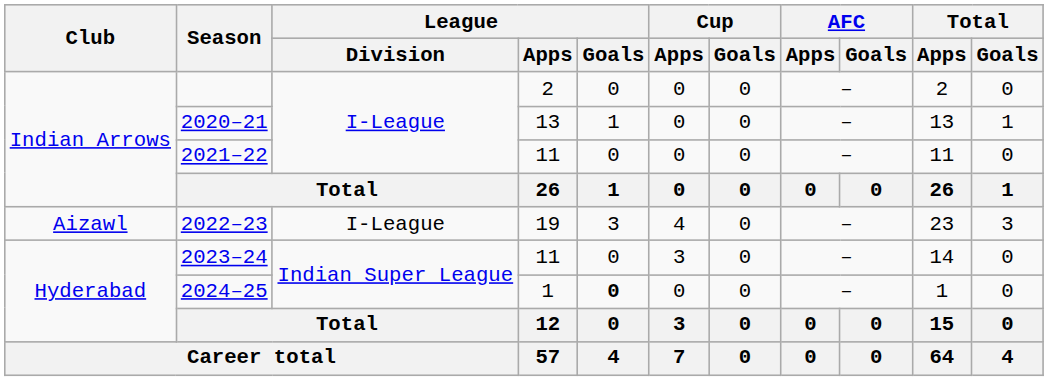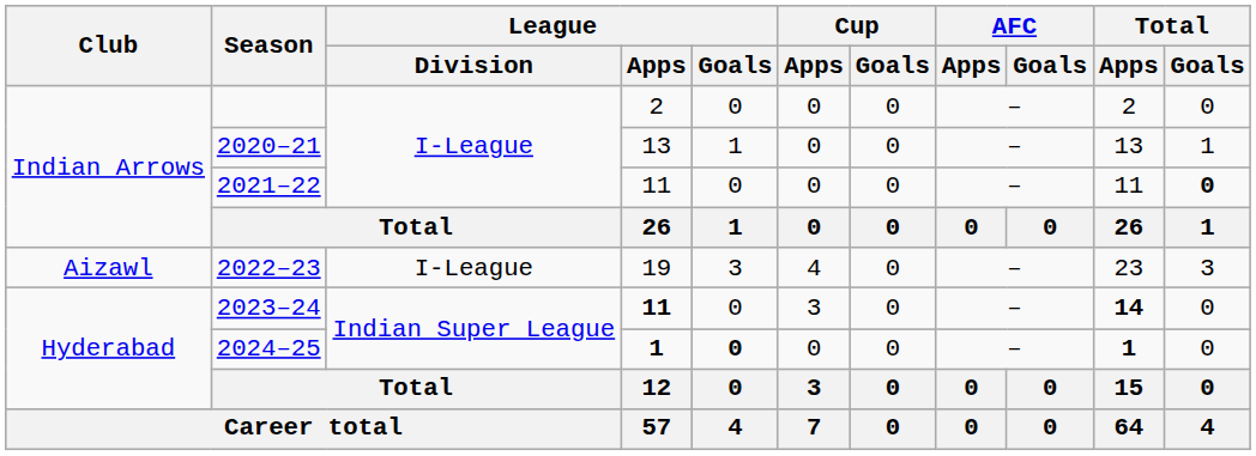 <table class=wikitable style=text-align:center>
 <tr>
 <th rowspan="2">Club</th>
 <th rowspan="2">Season</th>
 <th colspan="3">League</th>
 <th colspan="2">Cup</th>
 <th colspan="2"><a href='#'>AFC</a></th>
 <th colspan="2">Total</th>
 </tr>
 <tr>
 <th>Division</th>
 <th>Apps</th>
 <th>Goals</th>
 <th>Apps</th>
 <th>Goals</th>
 <th>Apps</th>
 <th>Goals</th>
 <th>Apps</th>
 <th>Goals</th>
 </tr>
 <tr>
 <td rowspan="4"><a href='#'>Indian Arrows</a></td>
 <td></td>
 <td rowspan="3"><a href='#'>I-League</a></td>
 <td>2</td>
 <td>0</td>
 <td>0</td>
 <td>0</td>
 <td colspan="2">–</td>
 <td>2</td>
 <td>0</td>
 </tr>
 <tr>
 <td><a href='#'>2020–21</a></td>
 <td>13</td>
 <td>1</td>
 <td>0</td>
 <td>0</td>
 <td colspan="2">–</td>
 <td>13</td>
 <td>1</td>
 </tr>
 <tr>
 <td><a href='#'>2021–22</a></td>
 <td>11</td>
 <td>0</td>
 <td>0</td>
 <td>0</td>
 <td colspan="2">–</td>
 <td>11</td>
-<td>0</td>
+<td><strong>0</strong></td>
 </tr>
 <tr>
 <th colspan="2">Total</th>
 <th>26</th>
 <th>1</th>
 <th>0</th>
 <th>0</th>
 <th>0</th>
 <th>0</th>
 <th>26</th>
 <th>1</th>
 </tr>
 <tr>
 <td rowspan="1"><a href='#'>Aizawl</a></td>
 <td><a href='#'>2022–23</a></td>
 <td rowspan="1">I-League</td>
 <td>19</td>
 <td>3</td>
 <td>4</td>
 <td>0</td>
 <td colspan="2">–</td>
 <td>23</td>
 <td>3</td>
 </tr>
 <tr>
 <td rowspan="3"><a href='#'>Hyderabad</a></td>
 <td><a href='#'>2023–24</a></td>
 <td rowspan="2"><a href='#'>Indian Super League</a></td>
-<td>11</td>
+<td><strong>11</strong></td>
 <td>0</td>
 <td>3</td>
 <td>0</td>
 <td colspan="2">–</td>
-<td>14</td>
+<td><strong>14</strong></td>
 <td>0</td>
 </tr>
 <tr>
 <td><a href='#'>2024–25</a></td>
-<td>1</td>
+<td><strong>1</strong></td>
 <td><strong>0</strong></td>
 <td>0</td>
 <td>0</td>
 <td colspan="2">–</td>
-<td>1</td>
+<td><strong>1</strong></td>
 <td>0</td>
 </tr>
 <tr>
 <th colspan="2">Total</th>
 <th>12</th>
 <th>0</th>
 <th>3</th>
 <th>0</th>
 <th>0</th>
 <th>0</th>
 <th>15</th>
 <th>0</th>
 </tr>
 <tr>
 <th colspan="3">Career total</th>
 <th>57</th>
 <th>4</th>
 <th>7</th>
 <th>0</th>
 <th>0</th>
 <th>0</th>
 <th>64</th>
 <th>4</th>
 </tr>
 </table>
